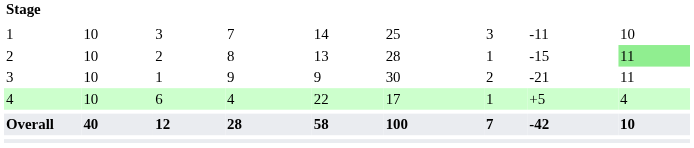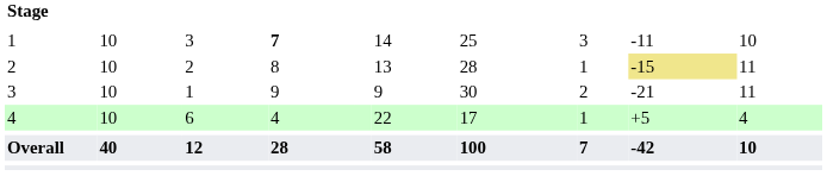 <table class="toccolours" border=0 cellpadding="2" cellspacing="0" style="font-size:95%; text-align:left; width:700px;">
 <tr align="left" style="background:#">
 <th style="width:75px">Stage</th>
 <th></th>
 <th></th>
 <th></th>
 <th></th>
 <th></th>
 <th></th>
 <th></th>
 <th></th>
 <th></th>
 </tr>
 <tr>
 <td colspan = "10"></td>
 </tr>
 <tr>
 <td>1</td>
 <td>10</td>
 <td>3</td>
-<td>7</td>
+<td><strong>7</strong></td>
 <td></td>
 <td>14</td>
 <td>25</td>
 <td>3</td>
 <td>-11</td>
 <td>10</td>
 </tr>
 <tr>
 <td>2</td>
 <td>10</td>
 <td>2</td>
 <td>8</td>
 <td></td>
 <td>13</td>
 <td>28</td>
 <td>1</td>
-<td>-15</td>
-<td style="background: lightgreen;">11</td>
+<td style="background: khaki;">-15</td>
+<td>11</td>
 </tr>
 <tr>
 <td>3</td>
 <td>10</td>
 <td>1</td>
 <td>9</td>
 <td></td>
 <td>9</td>
 <td>30</td>
 <td>2</td>
 <td>-21</td>
 <td>11</td>
 </tr>
 <tr style="background:#cfc">
 <td>4</td>
 <td>10</td>
 <td>6</td>
 <td>4</td>
 <td></td>
 <td>22</td>
 <td>17</td>
 <td>1</td>
 <td>+5</td>
 <td>4</td>
 </tr>
 <tr>
 <td colspan="10"></td>
 </tr>
 <tr style="background:#EAECF0;">
 <th>Overall</th>
 <th>40</th>
 <th>12</th>
 <th>28</th>
 <th></th>
 <th>58</th>
 <th>100</th>
 <th>7</th>
 <th>-42</th>
 <th>10</th>
 </tr>
 <tr>
 <td colspan="10"></td>
 </tr>
 <tr style="background:#EAECF0;">
 <td colspan="10" style="text-align:center;"></td>
 </tr>
 </table>
